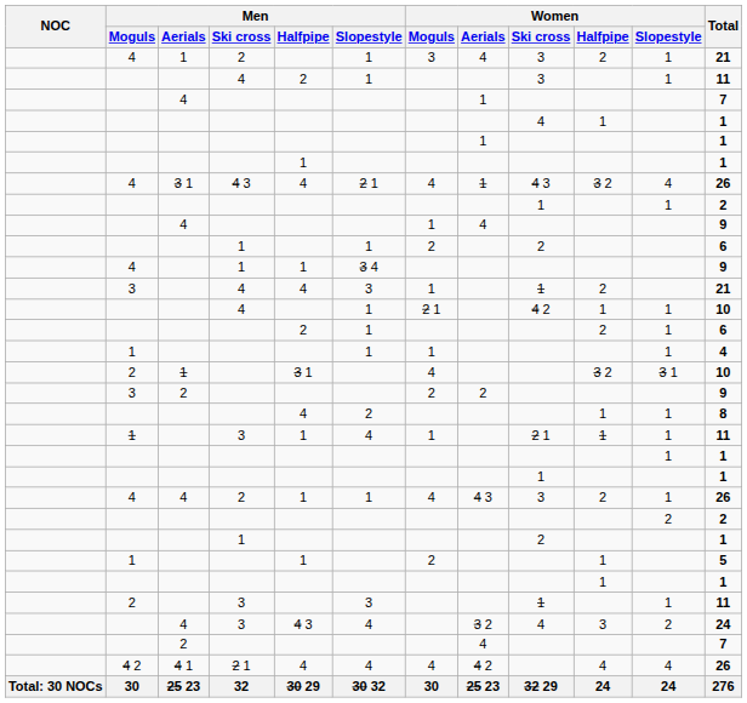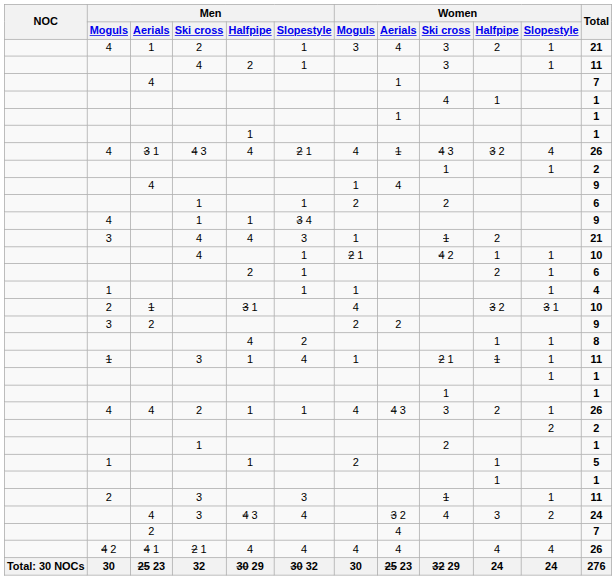 <table class="wikitable" width=800 style="text-align:center; font-size:90%">
 <tr>
 <th rowspan="2" align="center">NOC</th>
 <th colspan="5">Men</th>
 <th colspan="5">Women</th>
 <th rowspan="2">Total</th>
 </tr>
 <tr>
 <th><a href='#'>Moguls</a></th>
 <th><a href='#'>Aerials</a></th>
 <th><a href='#'>Ski cross</a></th>
 <th><a href='#'>Halfpipe</a></th>
 <th><a href='#'>Slopestyle</a></th>
 <th><a href='#'>Moguls</a></th>
 <th><a href='#'>Aerials</a></th>
 <th><a href='#'>Ski cross</a></th>
 <th><a href='#'>Halfpipe</a></th>
 <th><a href='#'>Slopestyle</a></th>
 </tr>
 <tr>
 <td align="left"></td>
 <td>4</td>
 <td>1</td>
 <td>2</td>
 <td></td>
 <td>1</td>
 <td>3</td>
 <td>4</td>
 <td>3</td>
 <td>2</td>
 <td>1</td>
 <td><strong>21</strong></td>
 </tr>
 <tr>
 <td align="left"></td>
 <td></td>
 <td></td>
 <td>4</td>
 <td>2</td>
 <td>1</td>
 <td></td>
 <td></td>
 <td>3</td>
 <td></td>
 <td>1</td>
 <td><strong>11</strong></td>
 </tr>
 <tr>
 <td align="left"></td>
 <td></td>
 <td>4</td>
 <td></td>
 <td></td>
 <td></td>
 <td></td>
 <td>1</td>
 <td></td>
 <td></td>
 <td></td>
 <td><strong>7</strong></td>
 </tr>
 <tr>
 <td align="left"></td>
 <td></td>
 <td></td>
 <td></td>
 <td></td>
 <td></td>
 <td></td>
 <td></td>
 <td>4</td>
 <td>1</td>
 <td></td>
 <td><strong>1</strong></td>
 </tr>
 <tr>
 <td align="left"></td>
 <td></td>
 <td></td>
 <td></td>
 <td></td>
 <td></td>
 <td></td>
 <td>1</td>
 <td></td>
 <td></td>
 <td></td>
 <td><strong>1</strong></td>
 </tr>
 <tr>
 <td align="left"></td>
 <td></td>
 <td></td>
 <td></td>
 <td>1</td>
 <td></td>
 <td></td>
 <td></td>
 <td></td>
 <td></td>
 <td></td>
 <td><strong>1</strong></td>
 </tr>
 <tr>
 <td align="left"></td>
 <td>4</td>
 <td><s>3</s> 1</td>
 <td><s>4</s> 3</td>
 <td>4</td>
 <td><s>2</s> 1</td>
 <td>4</td>
 <td><s>1</s></td>
 <td><s>4</s> 3</td>
 <td><s>3</s> 2</td>
 <td>4</td>
 <td><strong>26</strong></td>
 </tr>
 <tr>
 <td align="left"></td>
 <td></td>
 <td></td>
 <td></td>
 <td></td>
 <td></td>
 <td></td>
 <td></td>
 <td>1</td>
 <td></td>
 <td>1</td>
 <td><strong>2</strong></td>
 </tr>
 <tr>
 <td align="left"></td>
 <td></td>
 <td>4</td>
 <td></td>
 <td></td>
 <td></td>
 <td>1</td>
 <td>4</td>
 <td></td>
 <td></td>
 <td></td>
 <td><strong>9</strong></td>
 </tr>
 <tr>
 <td align="left"></td>
 <td></td>
 <td></td>
 <td>1</td>
 <td></td>
 <td>1</td>
 <td>2</td>
 <td></td>
 <td>2</td>
 <td></td>
 <td></td>
 <td><strong>6</strong></td>
 </tr>
 <tr>
 <td align="left"></td>
 <td>4</td>
 <td></td>
 <td>1</td>
 <td>1</td>
 <td><s>3</s> 4</td>
 <td></td>
 <td></td>
 <td></td>
 <td></td>
 <td></td>
 <td><strong>9</strong></td>
 </tr>
 <tr>
 <td align="left"></td>
 <td>3</td>
 <td></td>
 <td>4</td>
 <td>4</td>
 <td>3</td>
 <td>1</td>
 <td></td>
 <td><s>1</s></td>
 <td>2</td>
 <td></td>
 <td><strong>21</strong></td>
 </tr>
 <tr>
 <td align="left"></td>
 <td></td>
 <td></td>
 <td>4</td>
 <td></td>
 <td>1</td>
 <td><s>2</s> 1</td>
 <td></td>
 <td><s>4</s> 2</td>
 <td>1</td>
 <td>1</td>
 <td><strong>10</strong></td>
 </tr>
 <tr>
 <td align="left"></td>
 <td></td>
 <td></td>
 <td></td>
 <td>2</td>
 <td>1</td>
 <td></td>
 <td></td>
 <td></td>
 <td>2</td>
 <td>1</td>
 <td><strong>6</strong></td>
 </tr>
 <tr>
 <td align="left"></td>
 <td>1</td>
 <td></td>
 <td></td>
 <td></td>
 <td>1</td>
 <td>1</td>
 <td></td>
 <td></td>
 <td></td>
 <td>1</td>
 <td><strong>4</strong></td>
 </tr>
 <tr>
 <td align="left"></td>
 <td>2</td>
 <td><s>1</s></td>
 <td></td>
 <td><s>3</s> 1</td>
 <td></td>
 <td>4</td>
 <td></td>
 <td></td>
 <td><s>3</s> 2</td>
 <td><s>3</s> 1</td>
 <td><strong>10</strong></td>
 </tr>
 <tr>
 <td align="left"></td>
 <td>3</td>
 <td>2</td>
 <td></td>
 <td></td>
 <td></td>
 <td>2</td>
 <td>2</td>
 <td></td>
 <td></td>
 <td></td>
 <td><strong>9</strong></td>
 </tr>
 <tr>
 <td align="left"></td>
 <td></td>
 <td></td>
 <td></td>
 <td>4</td>
 <td>2</td>
 <td></td>
 <td></td>
 <td></td>
 <td>1</td>
 <td>1</td>
 <td><strong>8</strong></td>
 </tr>
 <tr>
 <td align="left"></td>
 <td><s>1</s></td>
 <td></td>
 <td>3</td>
 <td>1</td>
 <td>4</td>
 <td>1</td>
 <td></td>
 <td><s>2</s> 1</td>
 <td><s>1</s></td>
 <td>1</td>
 <td><strong>11</strong></td>
 </tr>
 <tr>
 <td align="left"></td>
 <td></td>
 <td></td>
 <td></td>
 <td></td>
 <td></td>
 <td></td>
 <td></td>
 <td></td>
 <td></td>
 <td>1</td>
 <td><strong>1</strong></td>
 </tr>
 <tr>
 <td align="left"></td>
 <td></td>
 <td></td>
 <td></td>
 <td></td>
 <td></td>
 <td></td>
 <td></td>
 <td>1</td>
 <td></td>
 <td></td>
 <td><strong>1</strong></td>
 </tr>
 <tr>
 <td align="left"></td>
 <td>4</td>
 <td>4</td>
 <td>2</td>
 <td>1</td>
 <td>1</td>
 <td>4</td>
 <td><s>4</s> 3</td>
 <td>3</td>
 <td>2</td>
 <td>1</td>
 <td><strong>26</strong></td>
 </tr>
 <tr>
 <td align="left"></td>
 <td></td>
 <td></td>
 <td></td>
 <td></td>
 <td></td>
 <td></td>
 <td></td>
 <td></td>
 <td></td>
 <td>2</td>
 <td><strong>2</strong></td>
 </tr>
 <tr>
 <td align="left"></td>
 <td></td>
 <td></td>
 <td>1</td>
 <td></td>
 <td></td>
 <td></td>
 <td></td>
 <td>2</td>
 <td></td>
 <td></td>
 <td><strong>1</strong></td>
 </tr>
 <tr>
 <td align="left"></td>
 <td>1</td>
 <td></td>
 <td></td>
 <td>1</td>
 <td></td>
 <td>2</td>
 <td></td>
 <td></td>
 <td>1</td>
 <td></td>
 <td><strong>5</strong></td>
 </tr>
 <tr>
 <td align="left"></td>
 <td></td>
 <td></td>
 <td></td>
 <td></td>
 <td></td>
 <td></td>
 <td></td>
 <td></td>
 <td>1</td>
 <td></td>
 <td><strong>1</strong></td>
 </tr>
 <tr>
 <td align="left"></td>
 <td>2</td>
 <td></td>
 <td>3</td>
 <td></td>
 <td>3</td>
 <td></td>
 <td></td>
 <td><s>1</s></td>
 <td></td>
 <td>1</td>
 <td><strong>11</strong></td>
 </tr>
 <tr>
 <td align="left"></td>
 <td></td>
 <td>4</td>
 <td>3</td>
 <td><s>4</s> 3</td>
 <td>4</td>
 <td></td>
 <td><s>3</s> 2</td>
 <td>4</td>
 <td>3</td>
 <td>2</td>
 <td><strong>24</strong></td>
 </tr>
 <tr>
 <td align="left"></td>
 <td></td>
 <td>2</td>
 <td></td>
 <td></td>
 <td></td>
 <td></td>
 <td>4</td>
 <td></td>
 <td></td>
 <td></td>
 <td><strong>7</strong></td>
 </tr>
 <tr>
 <td align="left"></td>
 <td><s>4</s> 2</td>
 <td><s>4</s> 1</td>
 <td><s>2</s> 1</td>
 <td>4</td>
 <td>4</td>
 <td>4</td>
-<td><s>4</s> 2</td>
+<td>4</td>
 <td></td>
 <td>4</td>
 <td>4</td>
 <td><strong>26</strong></td>
 </tr>
 <tr>
 <th>Total: 30 NOCs</th>
 <th>30</th>
 <th><s>25</s> 23</th>
 <th>32</th>
 <th><s>30</s> 29</th>
 <th><s>30</s> 32</th>
 <th>30</th>
 <th><s>25</s> 23</th>
 <th><s>32</s> 29</th>
 <th>24</th>
 <th>24</th>
 <th>276</th>
 </tr>
 </table>
